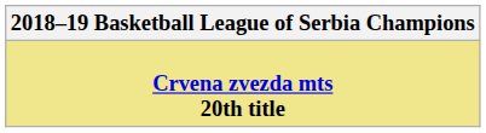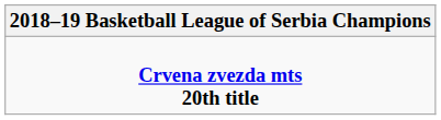 <table class=wikitable style="text-align:center; margin:auto">
 <tr>
 <th>2018–19 Basketball League of Serbia Champions</th>
 </tr>
 <tr>
-<td style="background: khaki;"><br><strong><a href='#'>Crvena zvezda mts</a></strong><br><strong>20th title</strong></td>
+<td><br><strong><a href='#'>Crvena zvezda mts</a></strong><br><strong>20th title</strong></td>
 </tr>
 </table>
